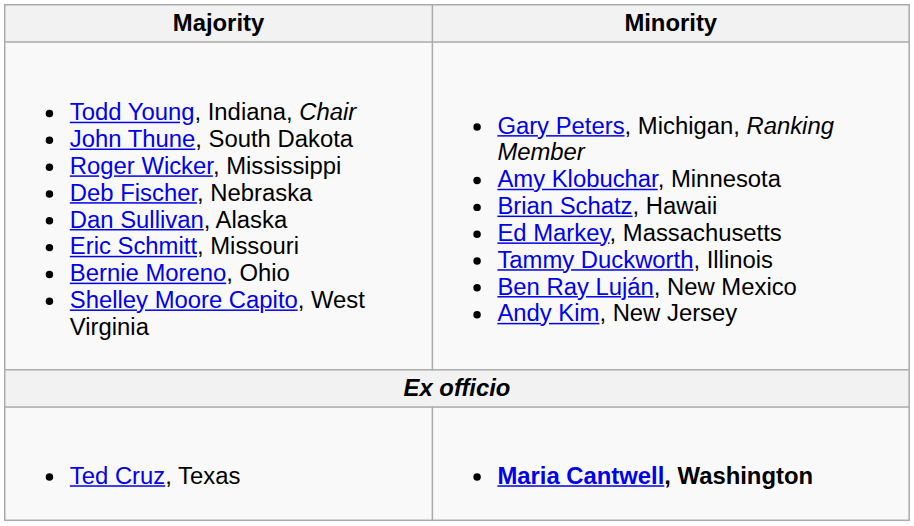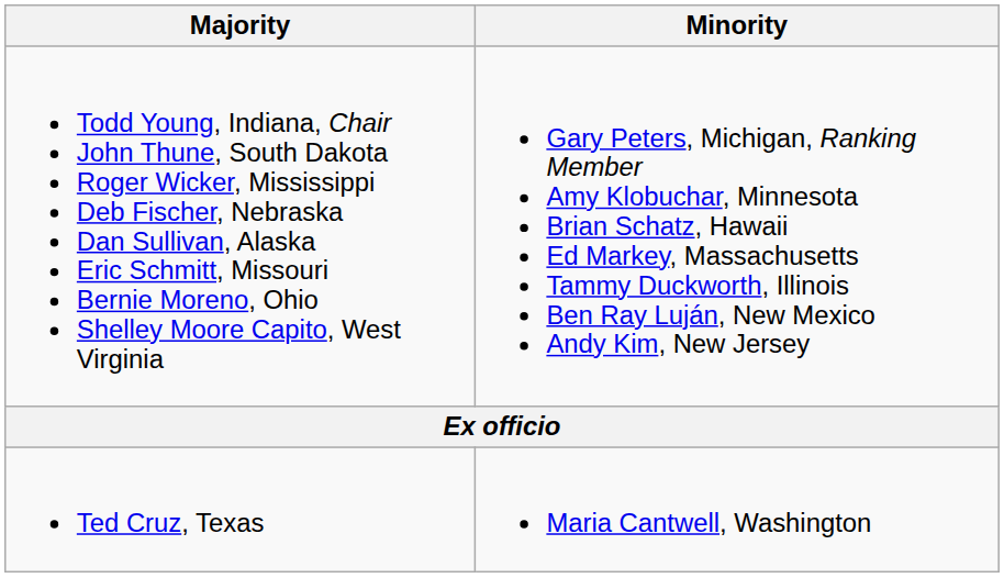 <table class=wikitable>
 <tr>
 <th>Majority</th>
 <th>Minority</th>
 </tr>
 <tr>
 <td><br><ul><li><a href='#'>Todd Young</a>, Indiana, <em>Chair</em></li><li><a href='#'>John Thune</a>, South Dakota</li><li><a href='#'>Roger Wicker</a>, Mississippi</li><li><a href='#'>Deb Fischer</a>, Nebraska</li><li><a href='#'>Dan Sullivan</a>, Alaska</li><li><a href='#'>Eric Schmitt</a>, Missouri</li><li><a href='#'>Bernie Moreno</a>, Ohio</li><li><a href='#'>Shelley Moore Capito</a>, West Virginia</li></ul></td>
 <td><br><ul><li><a href='#'>Gary Peters</a>, Michigan, <em>Ranking Member</em></li><li><a href='#'>Amy Klobuchar</a>, Minnesota</li><li><a href='#'>Brian Schatz</a>, Hawaii</li><li><a href='#'>Ed Markey</a>, Massachusetts</li><li><a href='#'>Tammy Duckworth</a>, Illinois</li><li><a href='#'>Ben Ray Luján</a>, New Mexico</li><li><a href='#'>Andy Kim</a>, New Jersey</li></ul></td>
 </tr>
 <tr>
 <th colspan=2><em>Ex officio</em></th>
 </tr>
 <tr>
 <td><br><ul><li><a href='#'>Ted Cruz</a>, Texas</li></ul></td>
-<td><strong><br><ul><li><a href='#'>Maria Cantwell</a>, Washington</li></ul></strong></td>
+<td><br><ul><li><a href='#'>Maria Cantwell</a>, Washington</li></ul></td>
 </tr>
 </table>
